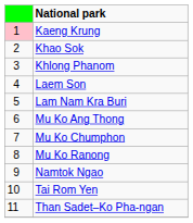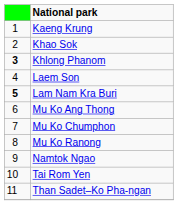 <table class= "wikitable" style= "width:30%; display:inline-table;">
 <tr>
 <td style="width:3%; background:#00FF00;"> </td>
 <td style="width:27%;"><strong>National park</strong></td>
 </tr>
 <tr>
-<td style="background: pink;">  1</td>
+<td>  1</td>
 <td><a href='#'>Kaeng Krung</a></td>
 </tr>
 <tr>
 <td>  2</td>
 <td><a href='#'>Khao Sok</a></td>
 </tr>
 <tr>
-<td>  3</td>
+<td><strong>  3</strong></td>
 <td><a href='#'>Khlong Phanom</a></td>
 </tr>
 <tr>
 <td>  4</td>
 <td><a href='#'>Laem Son</a></td>
 </tr>
 <tr>
-<td>  5</td>
+<td><strong>  5</strong></td>
 <td><a href='#'>Lam Nam Kra Buri</a></td>
 </tr>
 <tr>
 <td>  6</td>
 <td><a href='#'>Mu Ko Ang Thong</a></td>
 </tr>
 <tr>
 <td>  7</td>
 <td><a href='#'>Mu Ko Chumphon</a></td>
 </tr>
 <tr>
 <td>  8</td>
 <td><a href='#'>Mu Ko Ranong</a></td>
 </tr>
 <tr>
 <td>  9</td>
 <td><a href='#'>Namtok Ngao</a></td>
 </tr>
 <tr>
 <td>10</td>
 <td><a href='#'>Tai Rom Yen</a></td>
 </tr>
 <tr>
 <td>11</td>
 <td><a href='#'>Than Sadet–Ko Pha-ngan</a></td>
 </tr>
 <tr>
 </tr>
 </table>
